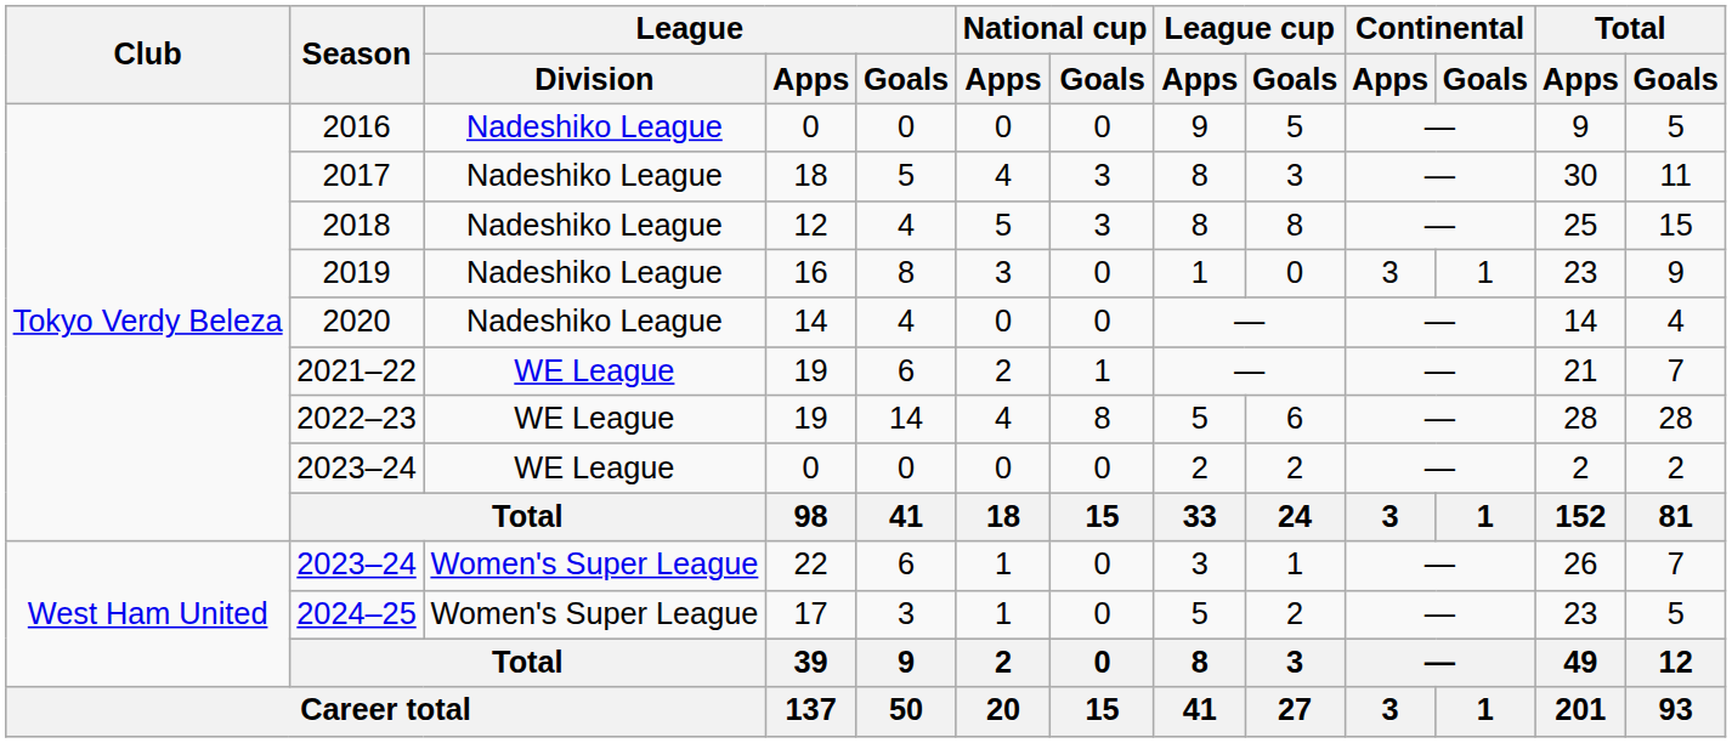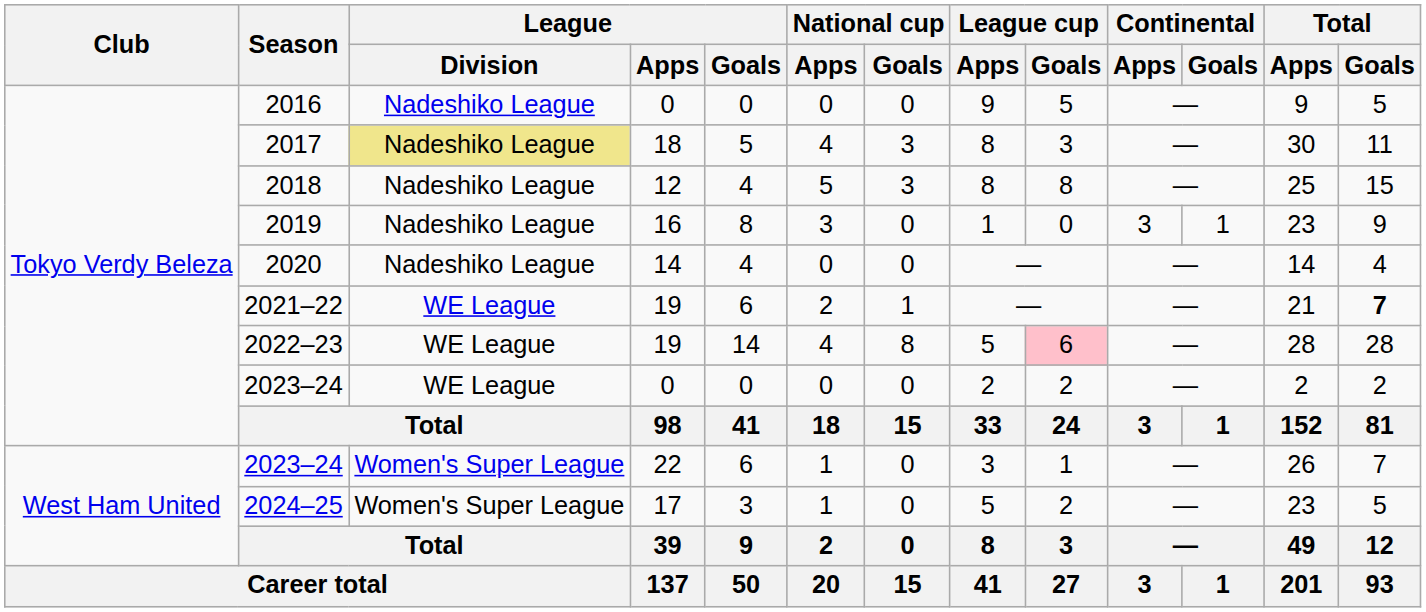 <table class="wikitable" style="text-align:center">
 <tr>
 <th rowspan="2">Club</th>
 <th rowspan="2">Season</th>
 <th colspan="3">League</th>
 <th colspan="2">National cup</th>
 <th colspan="2">League cup</th>
 <th colspan="2">Continental</th>
 <th colspan="2">Total</th>
 </tr>
 <tr>
 <th>Division</th>
 <th>Apps</th>
 <th>Goals</th>
 <th>Apps</th>
 <th>Goals</th>
 <th>Apps</th>
 <th>Goals</th>
 <th>Apps</th>
 <th>Goals</th>
 <th>Apps</th>
 <th>Goals</th>
 </tr>
 <tr>
 <td rowspan="9"><a href='#'>Tokyo Verdy Beleza</a></td>
 <td>2016</td>
 <td><a href='#'>Nadeshiko League</a></td>
 <td>0</td>
 <td>0</td>
 <td>0</td>
 <td>0</td>
 <td>9</td>
 <td>5</td>
 <td colspan="2">—</td>
 <td>9</td>
 <td>5</td>
 </tr>
 <tr>
 <td>2017</td>
-<td>Nadeshiko League</td>
+<td style="background: khaki;">Nadeshiko League</td>
 <td>18</td>
 <td>5</td>
 <td>4</td>
 <td>3</td>
 <td>8</td>
 <td>3</td>
 <td colspan="2">—</td>
 <td>30</td>
 <td>11</td>
 </tr>
 <tr>
 <td>2018</td>
 <td>Nadeshiko League</td>
 <td>12</td>
 <td>4</td>
 <td>5</td>
 <td>3</td>
 <td>8</td>
 <td>8</td>
 <td colspan="2">—</td>
 <td>25</td>
 <td>15</td>
 </tr>
 <tr>
 <td>2019</td>
 <td>Nadeshiko League</td>
 <td>16</td>
 <td>8</td>
 <td>3</td>
 <td>0</td>
 <td>1</td>
 <td>0</td>
 <td>3</td>
 <td>1</td>
 <td>23</td>
 <td>9</td>
 </tr>
 <tr>
 <td>2020</td>
 <td>Nadeshiko League</td>
 <td>14</td>
 <td>4</td>
 <td>0</td>
 <td>0</td>
 <td colspan="2">—</td>
 <td colspan="2">—</td>
 <td>14</td>
 <td>4</td>
 </tr>
 <tr>
 <td>2021–22</td>
 <td><a href='#'>WE League</a></td>
 <td>19</td>
 <td>6</td>
 <td>2</td>
 <td>1</td>
 <td colspan="2">—</td>
 <td colspan="2">—</td>
 <td>21</td>
-<td>7</td>
+<td><strong>7</strong></td>
 </tr>
 <tr>
 <td>2022–23</td>
 <td>WE League</td>
 <td>19</td>
 <td>14</td>
 <td>4</td>
 <td>8</td>
 <td>5</td>
-<td>6</td>
+<td style="background: pink;">6</td>
 <td colspan="2">—</td>
 <td>28</td>
 <td>28</td>
 </tr>
 <tr>
 <td>2023–24</td>
 <td>WE League</td>
 <td>0</td>
 <td>0</td>
 <td>0</td>
 <td>0</td>
 <td>2</td>
 <td>2</td>
 <td colspan="2">—</td>
 <td>2</td>
 <td>2</td>
 </tr>
 <tr>
 <th colspan="2">Total</th>
 <th>98</th>
 <th>41</th>
 <th>18</th>
 <th>15</th>
 <th>33</th>
 <th>24</th>
 <th>3</th>
 <th>1</th>
 <th>152</th>
 <th>81</th>
 </tr>
 <tr>
 <td rowspan="3"><a href='#'>West Ham United</a></td>
 <td><a href='#'>2023–24</a></td>
 <td><a href='#'>Women's Super League</a></td>
 <td>22</td>
 <td>6</td>
 <td>1</td>
 <td>0</td>
 <td>3</td>
 <td>1</td>
 <td colspan="2">—</td>
 <td>26</td>
 <td>7</td>
 </tr>
 <tr>
 <td><a href='#'>2024–25</a></td>
 <td>Women's Super League</td>
 <td>17</td>
 <td>3</td>
 <td>1</td>
 <td>0</td>
 <td>5</td>
 <td>2</td>
 <td colspan="2">—</td>
 <td>23</td>
 <td>5</td>
 </tr>
 <tr>
 <th colspan="2">Total</th>
 <th>39</th>
 <th>9</th>
 <th>2</th>
 <th>0</th>
 <th>8</th>
 <th>3</th>
 <th colspan="2">—</th>
 <th>49</th>
 <th>12</th>
 </tr>
 <tr>
 <th colspan="3">Career total</th>
 <th>137</th>
 <th>50</th>
 <th>20</th>
 <th>15</th>
 <th>41</th>
 <th>27</th>
 <th>3</th>
 <th>1</th>
 <th>201</th>
 <th>93</th>
 </tr>
 </table>
